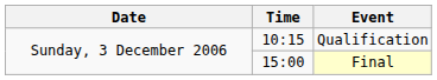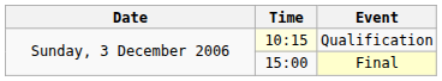 <table class = "wikitable" style="text-align:center;">
 <tr>
 <th width=220>Date</th>
 <th width=50>Time</th>
 <th width=100>Event</th>
 </tr>
 <tr>
 <td rowspan=2>Sunday, 3 December 2006</td>
-<td>10:15</td>
+<td style="background: lightyellow;">10:15</td>
 <td>Qualification</td>
 </tr>
 <tr>
 <td>15:00</td>
 <td bgcolor=ffffcc>Final</td>
 </tr>
 </table>
